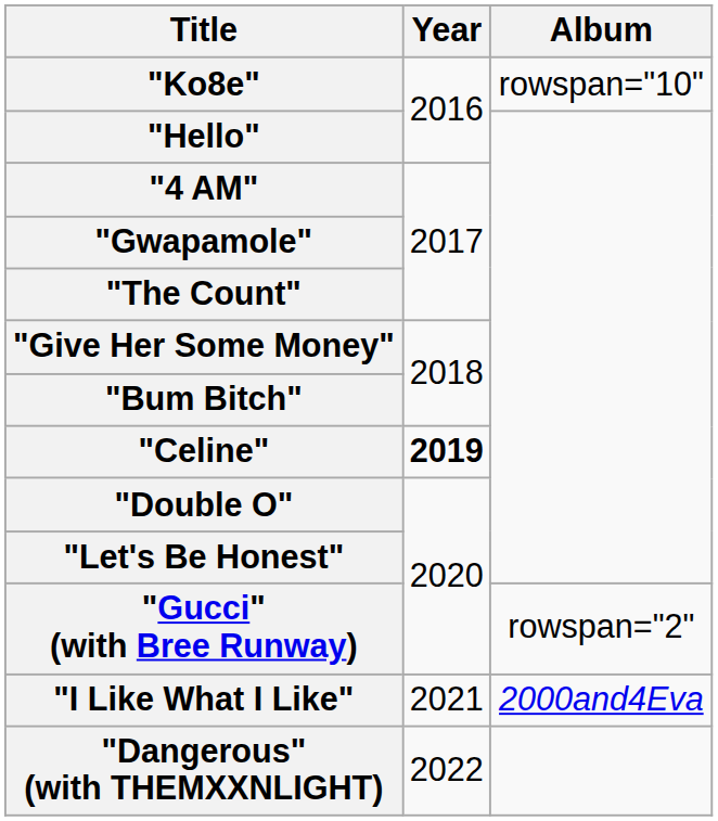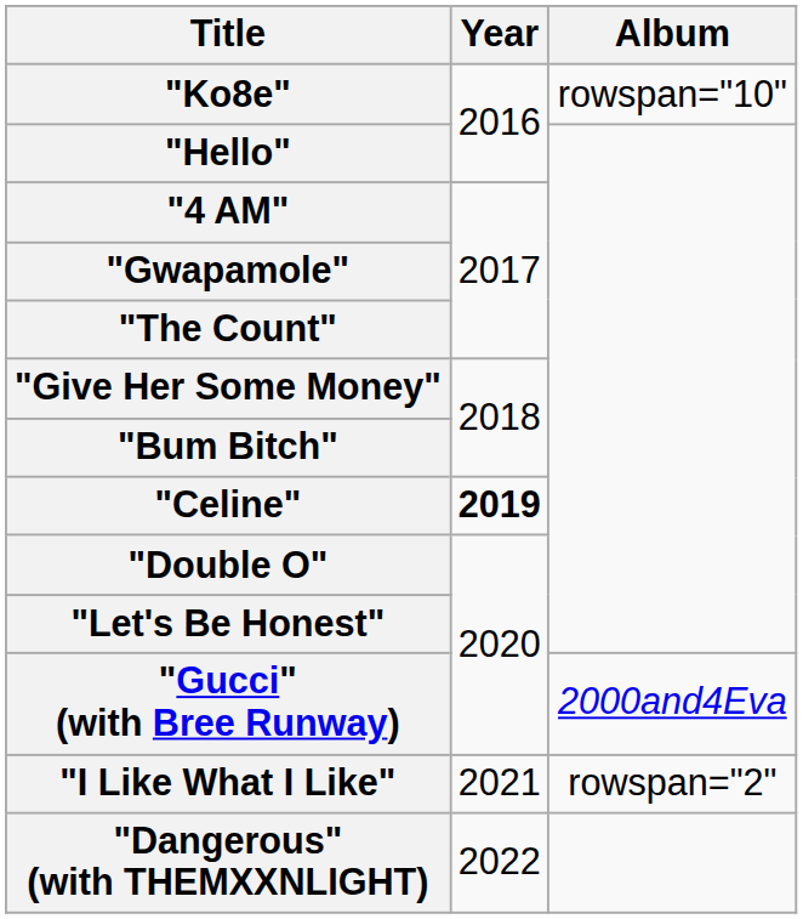 <table class="wikitable plainrowheaders" style="text-align:center;">
 <tr>
 <th class="unsortable" scope="col">Title</th>
 <th class="unsortable" scope="col">Year</th>
 <th class="unsortable" scope="col">Album</th>
 </tr>
 <tr>
 <th scope="row">"Ko8e"</th>
 <td rowspan="2">2016</td>
 <td>rowspan="10" </td>
 </tr>
 <tr>
 <th scope="row">"Hello"</th>
 </tr>
 <tr>
 <th scope="row">"4 AM"</th>
 <td rowspan="3">2017</td>
 </tr>
 <tr>
 <th scope="row">"Gwapamole"</th>
 </tr>
 <tr>
 <th scope="row">"The Count"</th>
 </tr>
 <tr>
 <th scope="row">"Give Her Some Money"</th>
 <td rowspan="2">2018</td>
 </tr>
 <tr>
 <th scope="row">"Bum Bitch"</th>
 </tr>
 <tr>
 <th scope="row">"Celine"</th>
 <td><strong>2019</strong></td>
 </tr>
 <tr>
 <th scope="row">"Double O"</th>
 <td rowspan="3">2020</td>
 </tr>
 <tr>
 <th scope="row">"Let's Be Honest"</th>
 </tr>
 <tr>
 <th scope="row">"<a href='#'>Gucci</a>" <br><span>(with <a href='#'>Bree Runway</a>)</span></th>
-<td>rowspan="2" </td>
+<td><em><a href='#'>2000and4Eva</a></em></td>
 </tr>
 <tr>
 <th scope="row">"I Like What I Like"</th>
 <td>2021</td>
-<td><em><a href='#'>2000and4Eva</a></em></td>
+<td>rowspan="2" </td>
 </tr>
 <tr>
 <th scope="row">"Dangerous" <br><span>(with THEMXXNLIGHT)</span></th>
 <td>2022</td>
 </tr>
 </table>
